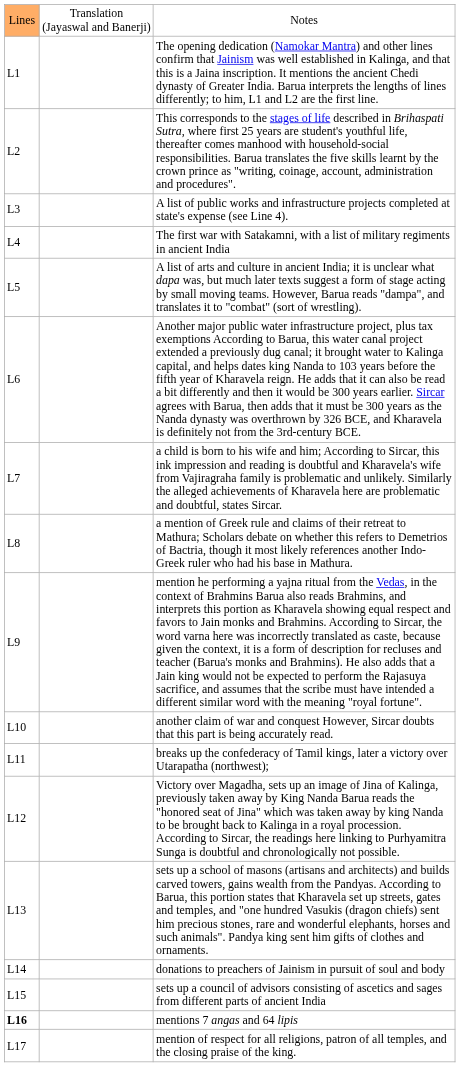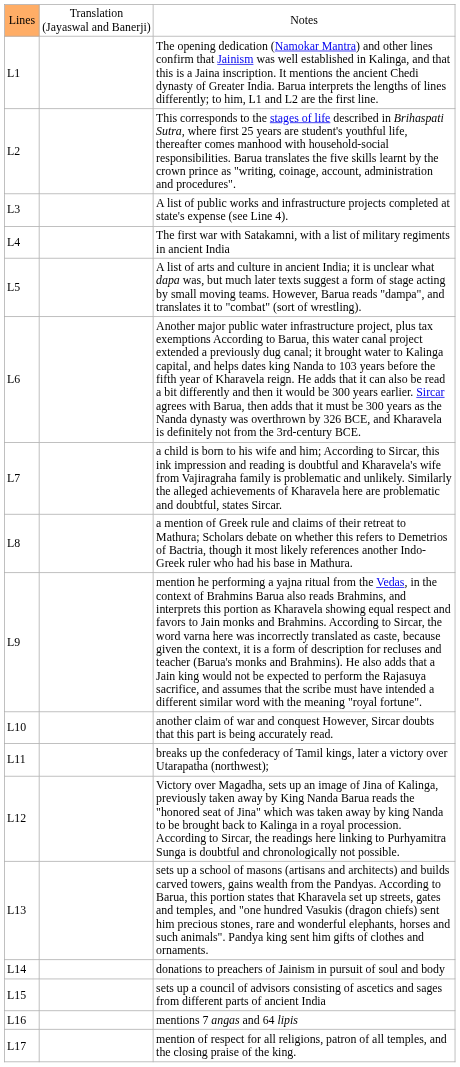 <table class="wikitable" align=center style=" background: transparent; ">
 <tr style="text-align: center;">
 <td width=40px style="background: #ffad66;">Lines</td>
 <td>Translation<br>(Jayaswal and Banerji)</td>
 <td width=400px>Notes</td>
 </tr>
 <tr style="text-align: left;">
 <td>L1</td>
 <td></td>
 <td>The opening dedication (<a href='#'>Namokar Mantra</a>) and other lines confirm that <a href='#'>Jainism</a> was well established in Kalinga, and that this is a Jaina inscription. It mentions the ancient Chedi dynasty of Greater India. Barua interprets the lengths of lines differently; to him, L1 and L2 are the first line.</td>
 </tr>
 <tr style="text-align: left;">
 <td>L2</td>
 <td></td>
 <td>This corresponds to the <a href='#'>stages of life</a> described in <em>Brihaspati Sutra</em>, where first 25 years are student's youthful life, thereafter comes manhood with household-social responsibilities. Barua translates the five skills learnt by the crown prince as "writing, coinage, account, administration and procedures".</td>
 </tr>
 <tr style="text-align: left;">
 <td>L3</td>
 <td></td>
 <td>A list of public works and infrastructure projects completed at state's expense (see Line 4).</td>
 </tr>
 <tr style="text-align: left;">
 <td>L4</td>
 <td></td>
 <td>The first war with Satakamni, with a list of military regiments in ancient India</td>
 </tr>
 <tr style="text-align: left;">
 <td>L5</td>
 <td></td>
 <td>A list of arts and culture in ancient India; it is unclear what <em>dapa</em> was, but much later texts suggest a form of stage acting by small moving teams. However, Barua reads "dampa", and translates it to "combat" (sort of wrestling).</td>
 </tr>
 <tr style="text-align: left;">
 <td>L6</td>
 <td></td>
 <td>Another major public water infrastructure project, plus tax exemptions According to Barua, this water canal project extended a previously dug canal; it brought water to Kalinga capital, and helps dates king Nanda to 103 years before the fifth year of Kharavela reign. He adds that it can also be read a bit differently and then it would be 300 years earlier. <a href='#'>Sircar</a> agrees with Barua, then adds that it must be 300 years as the Nanda dynasty was overthrown by 326 BCE, and Kharavela is definitely not from the 3rd-century BCE.</td>
 </tr>
 <tr style="text-align: left;">
 <td>L7</td>
 <td></td>
 <td>a child is born to his wife and him; According to Sircar, this ink impression and reading is doubtful and Kharavela's wife from Vajiragraha family is problematic and unlikely. Similarly the alleged achievements of Kharavela here are problematic and doubtful, states Sircar.</td>
 </tr>
 <tr style="text-align: left;">
 <td>L8</td>
 <td></td>
 <td>a mention of Greek rule and claims of their retreat to Mathura; Scholars debate on whether this refers to Demetrios of Bactria, though it most likely references another Indo-Greek ruler who had his base in Mathura.</td>
 </tr>
 <tr style="text-align: left;">
 <td>L9</td>
 <td></td>
 <td>mention he performing a yajna ritual from the <a href='#'>Vedas</a>, in the context of Brahmins Barua also reads Brahmins, and interprets this portion as Kharavela showing equal respect and favors to Jain monks and Brahmins. According to Sircar, the word varna here was incorrectly translated as caste, because given the context, it is a form of description for recluses and teacher (Barua's monks and Brahmins). He also adds that a Jain king would not be expected to perform the Rajasuya sacrifice, and assumes that the scribe must have intended a different similar word with the meaning "royal fortune".</td>
 </tr>
 <tr style="text-align: left;">
 <td>L10</td>
 <td></td>
 <td>another claim of war and conquest However, Sircar doubts that this part is being accurately read.</td>
 </tr>
 <tr style="text-align: left;">
 <td>L11</td>
 <td></td>
 <td>breaks up the confederacy of Tamil kings, later a victory over Utarapatha (northwest);</td>
 </tr>
 <tr style="text-align: left;">
 <td>L12</td>
 <td></td>
 <td>Victory over Magadha, sets up an image of Jina of Kalinga, previously taken away by King Nanda Barua reads the "honored seat of Jina" which was taken away by king Nanda to be brought back to Kalinga in a royal procession. According to Sircar, the readings here linking to Purhyamitra Sunga is doubtful and chronologically not possible.</td>
 </tr>
 <tr style="text-align: left;">
 <td>L13</td>
 <td></td>
 <td>sets up a school of masons (artisans and architects) and builds carved towers, gains wealth from the Pandyas. According to Barua, this portion states that Kharavela set up streets, gates and temples, and "one hundred Vasukis (dragon chiefs) sent him precious stones, rare and wonderful elephants, horses and such animals". Pandya king sent him gifts of clothes and ornaments.</td>
 </tr>
 <tr style="text-align: left;">
 <td>L14</td>
 <td></td>
 <td>donations to preachers of Jainism in pursuit of soul and body</td>
 </tr>
 <tr style="text-align: left;">
 <td>L15</td>
 <td></td>
 <td>sets up a council of advisors consisting of ascetics and sages from different parts of ancient India</td>
 </tr>
 <tr style="text-align: left;">
-<td><strong>L16</strong></td>
+<td>L16</td>
 <td></td>
 <td>mentions 7 <em>angas</em> and 64 <em>lipis</em></td>
 </tr>
 <tr style="text-align: left;">
 <td>L17</td>
 <td></td>
 <td>mention of respect for all religions, patron of all temples, and the closing praise of the king.</td>
 </tr>
 </table>
